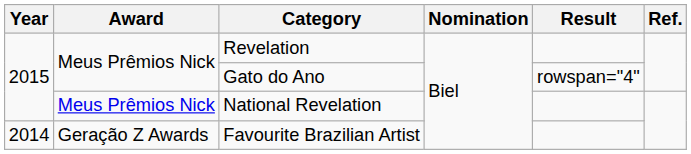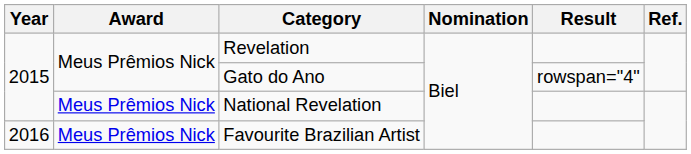 <table class="wikitable">
 <tr>
 <th>Year</th>
 <th>Award</th>
 <th>Category</th>
 <th>Nomination</th>
 <th>Result</th>
 <th>Ref.</th>
 </tr>
 <tr>
 <td rowspan=3>2015</td>
 <td rowspan="2">Meus Prêmios Nick</td>
 <td>Revelation</td>
 <td rowspan="5">Biel</td>
 <td></td>
 <td rowspan="2"></td>
 </tr>
 <tr>
 <td>Gato do Ano</td>
 <td>rowspan="4" </td>
 </tr>
 <tr>
 <td><a href='#'>Meus Prêmios Nick</a></td>
 <td>National Revelation</td>
 <td></td>
 </tr>
 <tr>
-<td>2014</td>
-<td>Geração Z Awards</td>
+<td>2016</td>
+<td><a href='#'>Meus Prêmios Nick</a></td>
 <td>Favourite Brazilian Artist</td>
 <td></td>
 </tr>
 </table>
